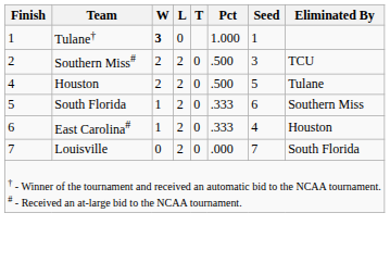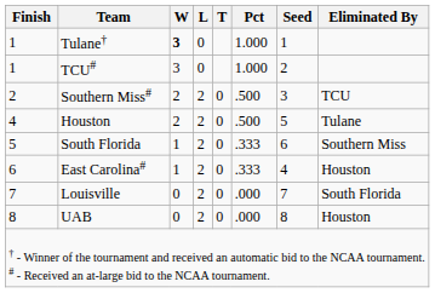 <table class="wikitable sortable">
 <tr>
 <th>Finish</th>
 <th>Team</th>
 <th>W</th>
 <th>L</th>
 <th>T</th>
 <th>Pct</th>
 <th>Seed</th>
 <th>Eliminated By</th>
 </tr>
 <tr>
 <td>1</td>
 <td>Tulane<sup>†</sup></td>
 <td><strong>3</strong></td>
 <td>0</td>
 <td></td>
 <td>1.000</td>
 <td>1</td>
+<td></td>
+</tr>
+<tr>
+<td>1</td>
+<td>TCU<sup>#</sup></td>
+<td>3</td>
+<td>0</td>
+<td></td>
+<td>1.000</td>
+<td>2</td>
 <td></td>
 </tr>
 <tr>
 <td>2</td>
 <td>Southern Miss<sup>#</sup></td>
 <td>2</td>
 <td>2</td>
 <td>0</td>
 <td>.500</td>
 <td>3</td>
 <td>TCU</td>
 </tr>
 <tr>
 <td>4</td>
 <td>Houston</td>
 <td>2</td>
 <td>2</td>
 <td>0</td>
 <td>.500</td>
 <td>5</td>
 <td>Tulane</td>
 </tr>
 <tr>
 <td>5</td>
 <td>South Florida</td>
 <td>1</td>
 <td>2</td>
 <td>0</td>
 <td>.333</td>
 <td>6</td>
 <td>Southern Miss</td>
 </tr>
 <tr>
 <td>6</td>
 <td>East Carolina<sup>#</sup></td>
 <td>1</td>
 <td>2</td>
 <td>0</td>
 <td>.333</td>
 <td>4</td>
 <td>Houston</td>
 </tr>
 <tr>
 <td>7</td>
 <td>Louisville</td>
 <td>0</td>
 <td>2</td>
 <td>0</td>
 <td>.000</td>
 <td>7</td>
 <td>South Florida</td>
 </tr>
 <tr>
+<td>8</td>
+<td>UAB</td>
+<td>0</td>
+<td>2</td>
+<td>0</td>
+<td>.000</td>
+<td>8</td>
+<td>Houston</td>
+</tr>
+<tr>
 <td colspan=8><br><small><sup>†</sup> - Winner of the tournament and received an automatic bid to the NCAA tournament.<br> <sup>#</sup> - Received an at-large bid to the NCAA tournament.</small></td>
 </tr>
 </table>
